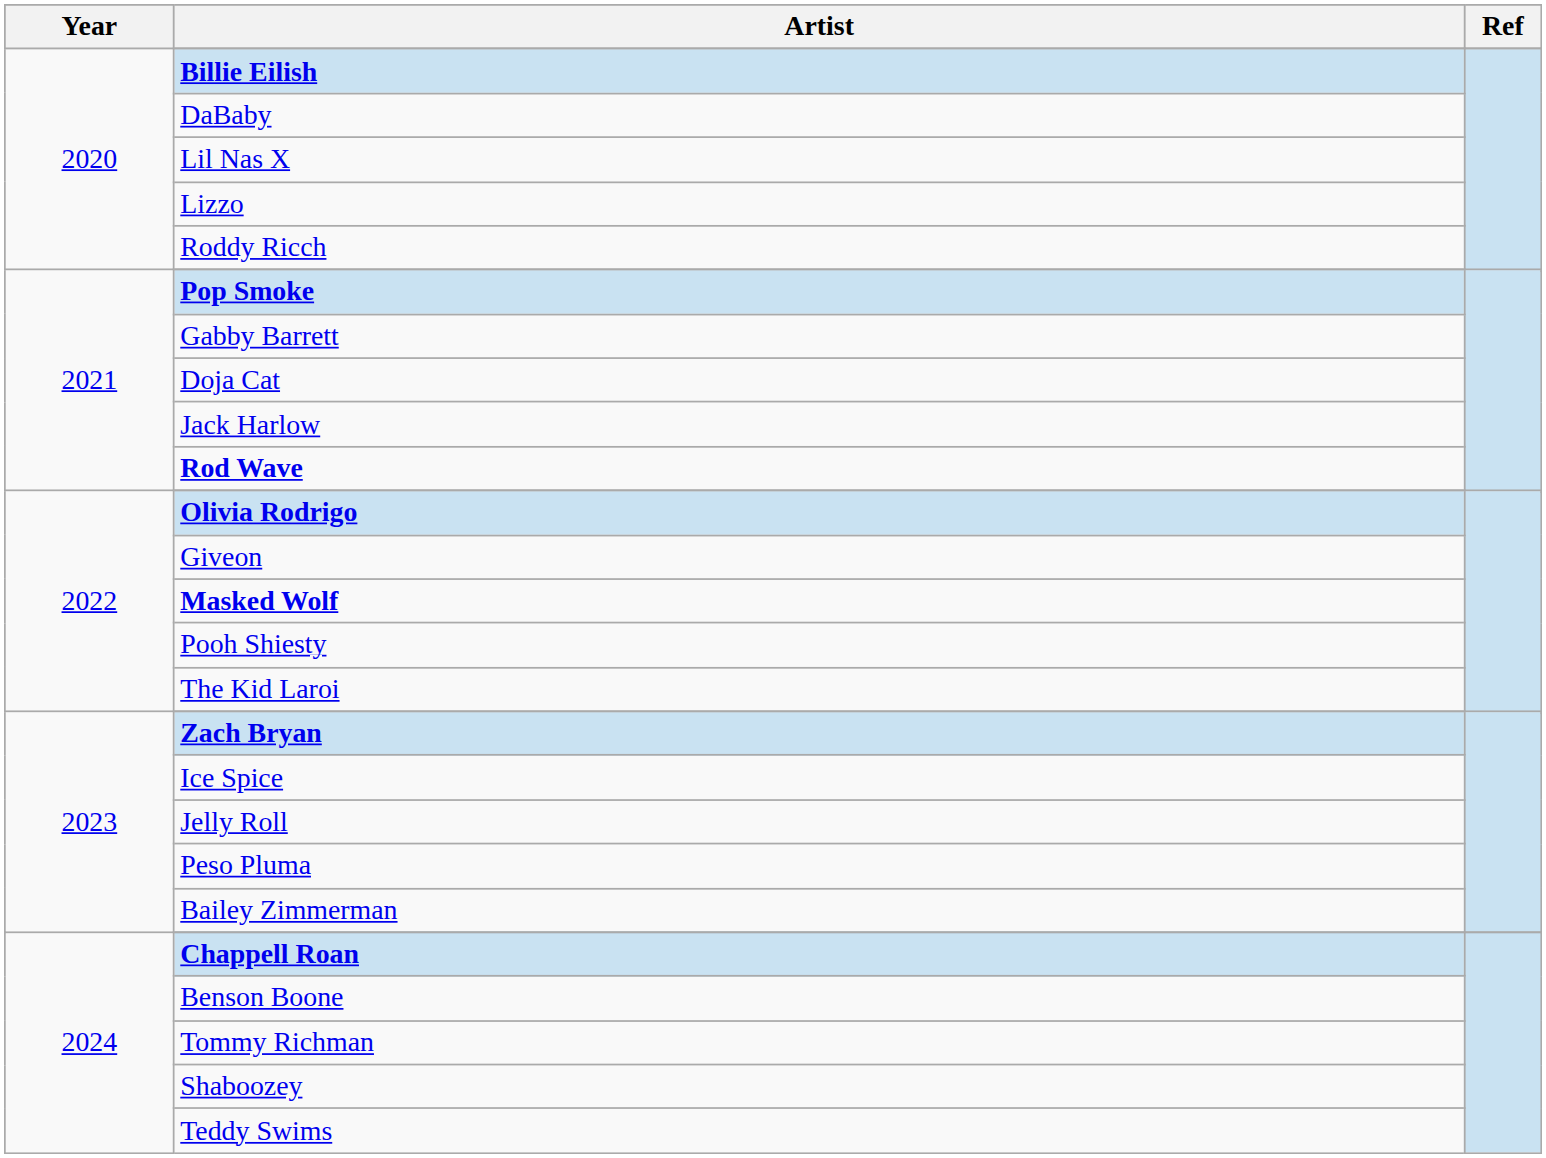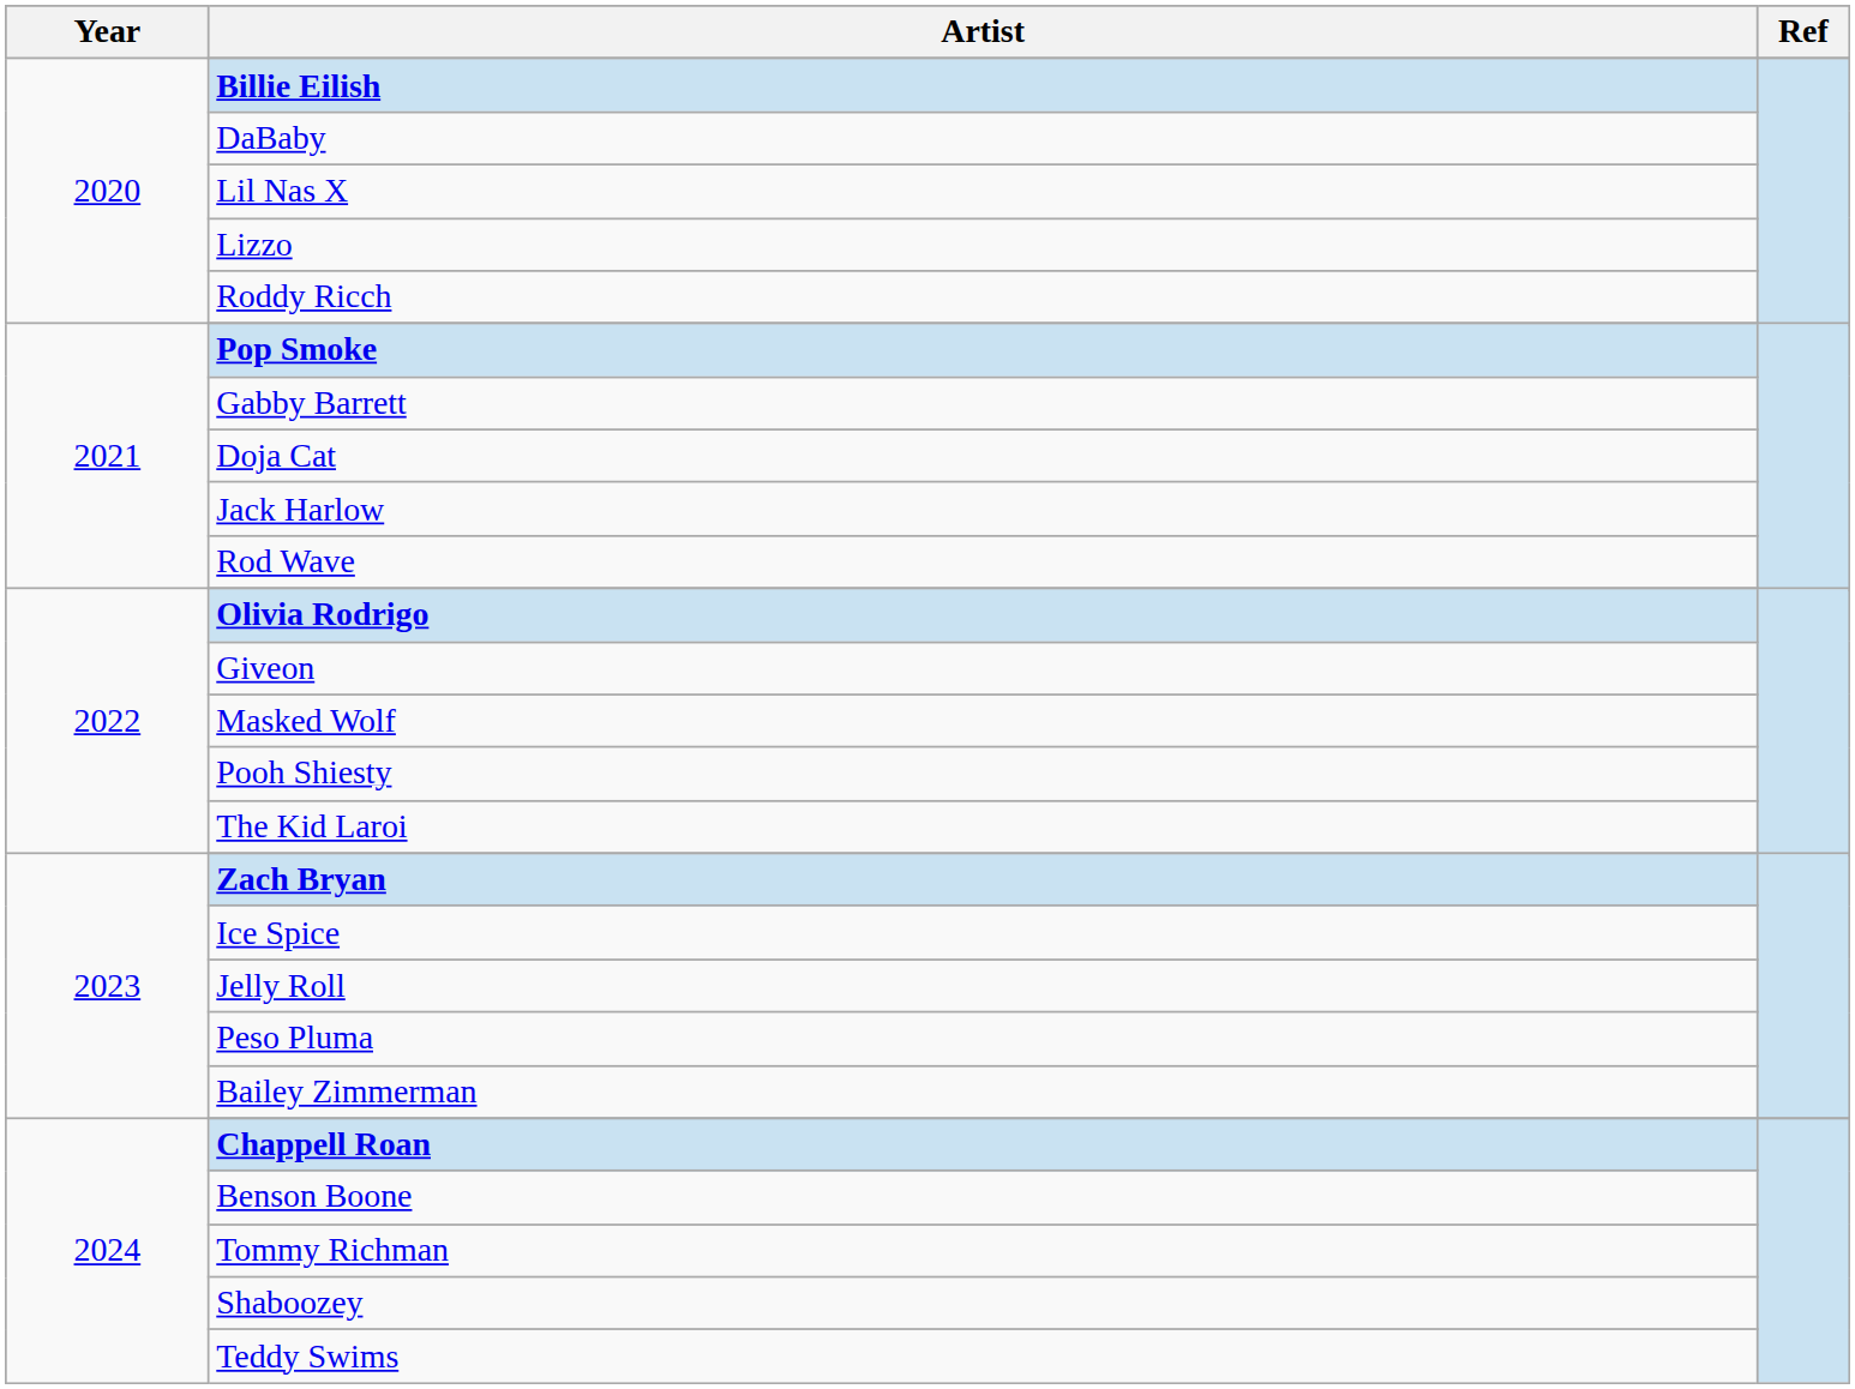 <table class="wikitable" style="width:100%;">
 <tr style="background:#bebebe;">
 <th style="width:11%;">Year</th>
 <th style="width:84%;">Artist</th>
 <th style="width:5%;">Ref</th>
 </tr>
 <tr>
 <td rowspan="6" align="center"><a href='#'>2020</a></td>
 </tr>
 <tr style="background:#c9e2f2">
 <td><strong><a href='#'>Billie Eilish</a></strong></td>
 <td rowspan="6" align="center"></td>
 </tr>
 <tr>
 <td><a href='#'>DaBaby</a></td>
 </tr>
 <tr>
 <td><a href='#'>Lil Nas X</a></td>
 </tr>
 <tr>
 <td><a href='#'>Lizzo</a></td>
 </tr>
 <tr>
 <td><a href='#'>Roddy Ricch</a></td>
 </tr>
 <tr>
 <td rowspan="6" align="center"><a href='#'>2021</a></td>
 </tr>
 <tr style="background:#c9e2f2">
 <td><strong><a href='#'>Pop Smoke</a></strong></td>
 <td rowspan="6" align="center"></td>
 </tr>
 <tr>
 <td><a href='#'>Gabby Barrett</a></td>
 </tr>
 <tr>
 <td><a href='#'>Doja Cat</a></td>
 </tr>
 <tr>
 <td><a href='#'>Jack Harlow</a></td>
 </tr>
 <tr>
-<td><strong><a href='#'>Rod Wave</a></strong></td>
+<td><a href='#'>Rod Wave</a></td>
 </tr>
 <tr>
 <td rowspan="6" align="center"><a href='#'>2022</a></td>
 </tr>
 <tr style="background:#c9e2f2">
 <td><strong><a href='#'>Olivia Rodrigo</a></strong></td>
 <td rowspan="6" align="center"></td>
 </tr>
 <tr>
 <td><a href='#'>Giveon</a></td>
 </tr>
 <tr>
-<td><strong><a href='#'>Masked Wolf</a></strong></td>
+<td><a href='#'>Masked Wolf</a></td>
 </tr>
 <tr>
 <td><a href='#'>Pooh Shiesty</a></td>
 </tr>
 <tr>
 <td><a href='#'>The Kid Laroi</a></td>
 </tr>
 <tr>
 <td rowspan="6" align="center"><a href='#'>2023</a></td>
 </tr>
 <tr style="background:#c9e2f2">
 <td><strong><a href='#'>Zach Bryan</a></strong></td>
 <td rowspan="5" align="center"></td>
 </tr>
 <tr>
 <td><a href='#'>Ice Spice</a></td>
 </tr>
 <tr>
 <td><a href='#'>Jelly Roll</a></td>
 </tr>
 <tr>
 <td><a href='#'>Peso Pluma</a></td>
 </tr>
 <tr>
 <td><a href='#'>Bailey Zimmerman</a></td>
 </tr>
 <tr>
 <td rowspan="6" align="center"><a href='#'>2024</a></td>
 </tr>
 <tr style="background:#c9e2f2">
 <td><strong><a href='#'>Chappell Roan</a></strong></td>
 <td rowspan="5" align="center"></td>
 </tr>
 <tr>
 <td><a href='#'>Benson Boone</a></td>
 </tr>
 <tr>
 <td><a href='#'>Tommy Richman</a></td>
 </tr>
 <tr>
 <td><a href='#'>Shaboozey</a></td>
 </tr>
 <tr>
 <td><a href='#'>Teddy Swims</a></td>
 </tr>
 </table>
